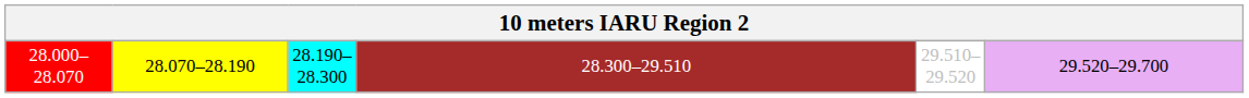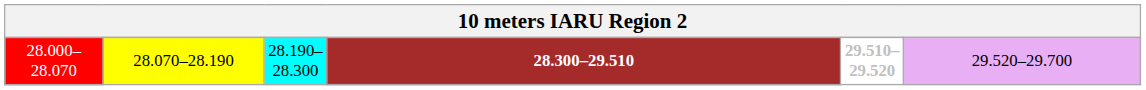 <table class="wikitable">
 <tr>
 <th colspan=6>10 meters   IARU Region 2</th>
 </tr>
 <tr>
 </tr>
 <tr style="text-align:center;font-size:80%;">
 <td width=  70px style="background-color:red;color:white;">28.000–28.070</td>
 <td width= 120px style="background-color:yellow;">28.070–28.190</td>
 <td width=  10px style="background-color:cyan;">28.190–28.300</td>
-<td width= 400px style="background-color:brown;color:white;">28.300–29.510</td>
-<td width=  20px style="background-color:white;color:silver;">29.510–29.520</td>
+<td width= 400px style="background-color:brown;color:white;"><strong>28.300–29.510</strong></td>
+<td width=  20px style="background-color:white;color:silver;"><strong>29.510–29.520</strong></td>
 <td width= 180px style="background-color:#E8AFF5">29.520–29.700</td>
 </tr>
 </table>
